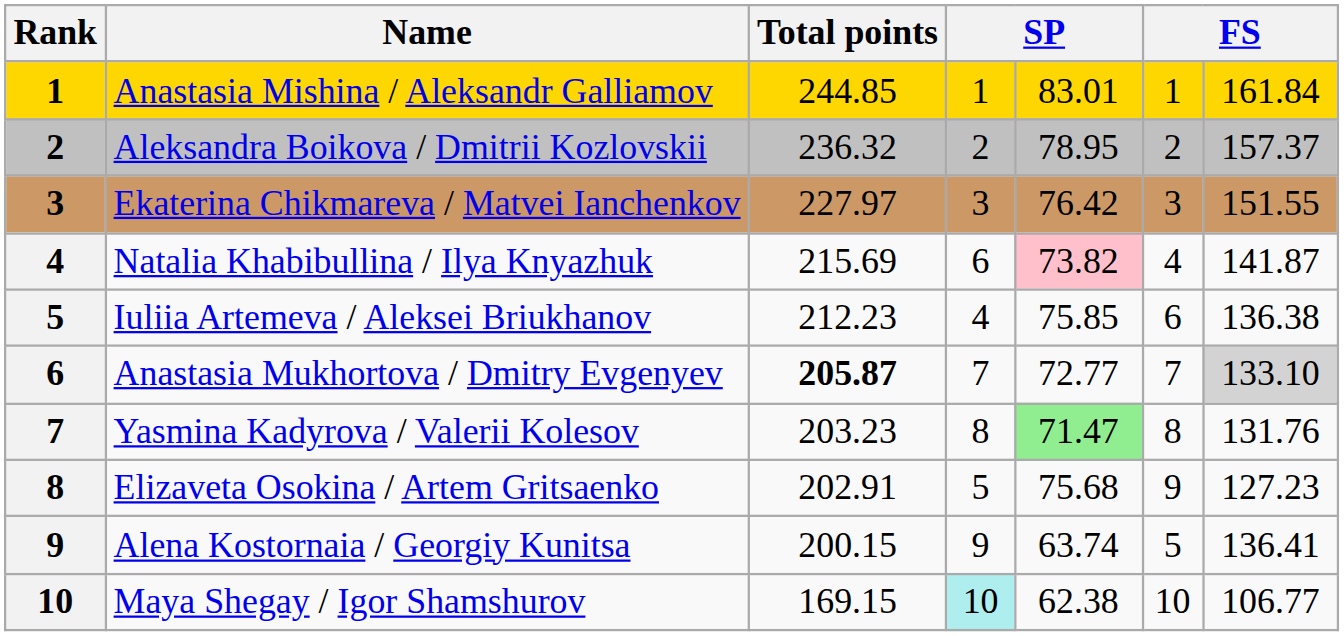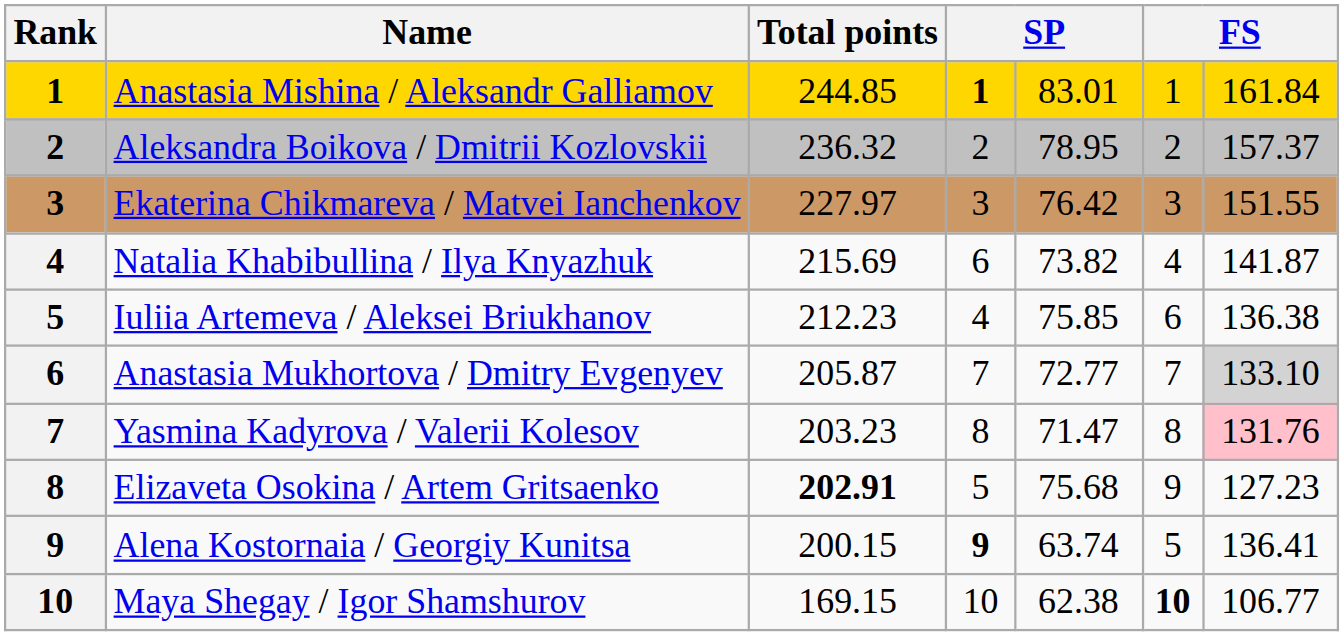 <table class="wikitable sortable">
 <tr>
 <th>Rank</th>
 <th>Name</th>
 <th>Total points</th>
 <th colspan="2" width="80px"><a href='#'>SP</a></th>
 <th colspan="2" width="80px"><a href='#'>FS</a></th>
 </tr>
 <tr bgcolor="gold">
 <td align="center"><strong>1</strong></td>
 <td><a href='#'>Anastasia Mishina</a> / <a href='#'>Aleksandr Galliamov</a></td>
 <td align="center">244.85</td>
-<td align="center">1</td>
+<td align="center"><strong>1</strong></td>
 <td align="center">83.01</td>
 <td align="center">1</td>
 <td align="center">161.84</td>
 </tr>
 <tr bgcolor="silver">
 <td align="center"><strong>2</strong></td>
 <td><a href='#'>Aleksandra Boikova</a> / <a href='#'>Dmitrii Kozlovskii</a></td>
 <td align="center">236.32</td>
 <td align="center">2</td>
 <td align="center">78.95</td>
 <td align="center">2</td>
 <td align="center">157.37</td>
 </tr>
 <tr bgcolor="cc9966">
 <td align="center"><strong>3</strong></td>
 <td><a href='#'>Ekaterina Chikmareva</a> / <a href='#'>Matvei Ianchenkov</a></td>
 <td align="center">227.97</td>
 <td align="center">3</td>
 <td align="center">76.42</td>
 <td align="center">3</td>
 <td align="center">151.55</td>
 </tr>
 <tr>
 <th>4</th>
 <td><a href='#'>Natalia Khabibullina</a> / <a href='#'>Ilya Knyazhuk</a></td>
 <td align="center">215.69</td>
 <td align="center">6</td>
-<td align="center" style="background: pink;">73.82</td>
+<td align="center">73.82</td>
 <td align="center">4</td>
 <td align="center">141.87</td>
 </tr>
 <tr>
 <th>5</th>
 <td><a href='#'>Iuliia Artemeva</a> / <a href='#'>Aleksei Briukhanov</a></td>
 <td align="center">212.23</td>
 <td align="center">4</td>
 <td align="center">75.85</td>
 <td align="center">6</td>
 <td align="center">136.38</td>
 </tr>
 <tr>
 <th>6</th>
 <td><a href='#'>Anastasia Mukhortova</a> / <a href='#'>Dmitry Evgenyev</a></td>
-<td align="center"><strong>205.87</strong></td>
+<td align="center">205.87</td>
 <td align="center">7</td>
 <td align="center">72.77</td>
 <td align="center">7</td>
 <td align="center" style="background: lightgrey;">133.10</td>
 </tr>
 <tr>
 <th>7</th>
 <td><a href='#'>Yasmina Kadyrova</a> / <a href='#'>Valerii Kolesov</a></td>
 <td align="center">203.23</td>
 <td align="center">8</td>
-<td align="center" style="background: lightgreen;">71.47</td>
+<td align="center">71.47</td>
 <td align="center">8</td>
-<td align="center">131.76</td>
+<td align="center" style="background: pink;">131.76</td>
 </tr>
 <tr>
 <th>8</th>
 <td><a href='#'>Elizaveta Osokina</a> / <a href='#'>Artem Gritsaenko</a></td>
-<td align="center">202.91</td>
+<td align="center"><strong>202.91</strong></td>
 <td align="center">5</td>
 <td align="center">75.68</td>
 <td align="center">9</td>
 <td align="center">127.23</td>
 </tr>
 <tr>
 <th>9</th>
 <td><a href='#'>Alena Kostornaia</a> / <a href='#'>Georgiy Kunitsa</a></td>
 <td align="center">200.15</td>
-<td align="center">9</td>
+<td align="center"><strong>9</strong></td>
 <td align="center">63.74</td>
 <td align="center">5</td>
 <td align="center">136.41</td>
 </tr>
 <tr>
 <th>10</th>
 <td><a href='#'>Maya Shegay</a> / <a href='#'>Igor Shamshurov</a></td>
 <td align="center">169.15</td>
-<td align="center" style="background: paleturquoise;">10</td>
+<td align="center">10</td>
 <td align="center">62.38</td>
-<td align="center">10</td>
+<td align="center"><strong>10</strong></td>
 <td align="center">106.77</td>
 </tr>
 </table>
